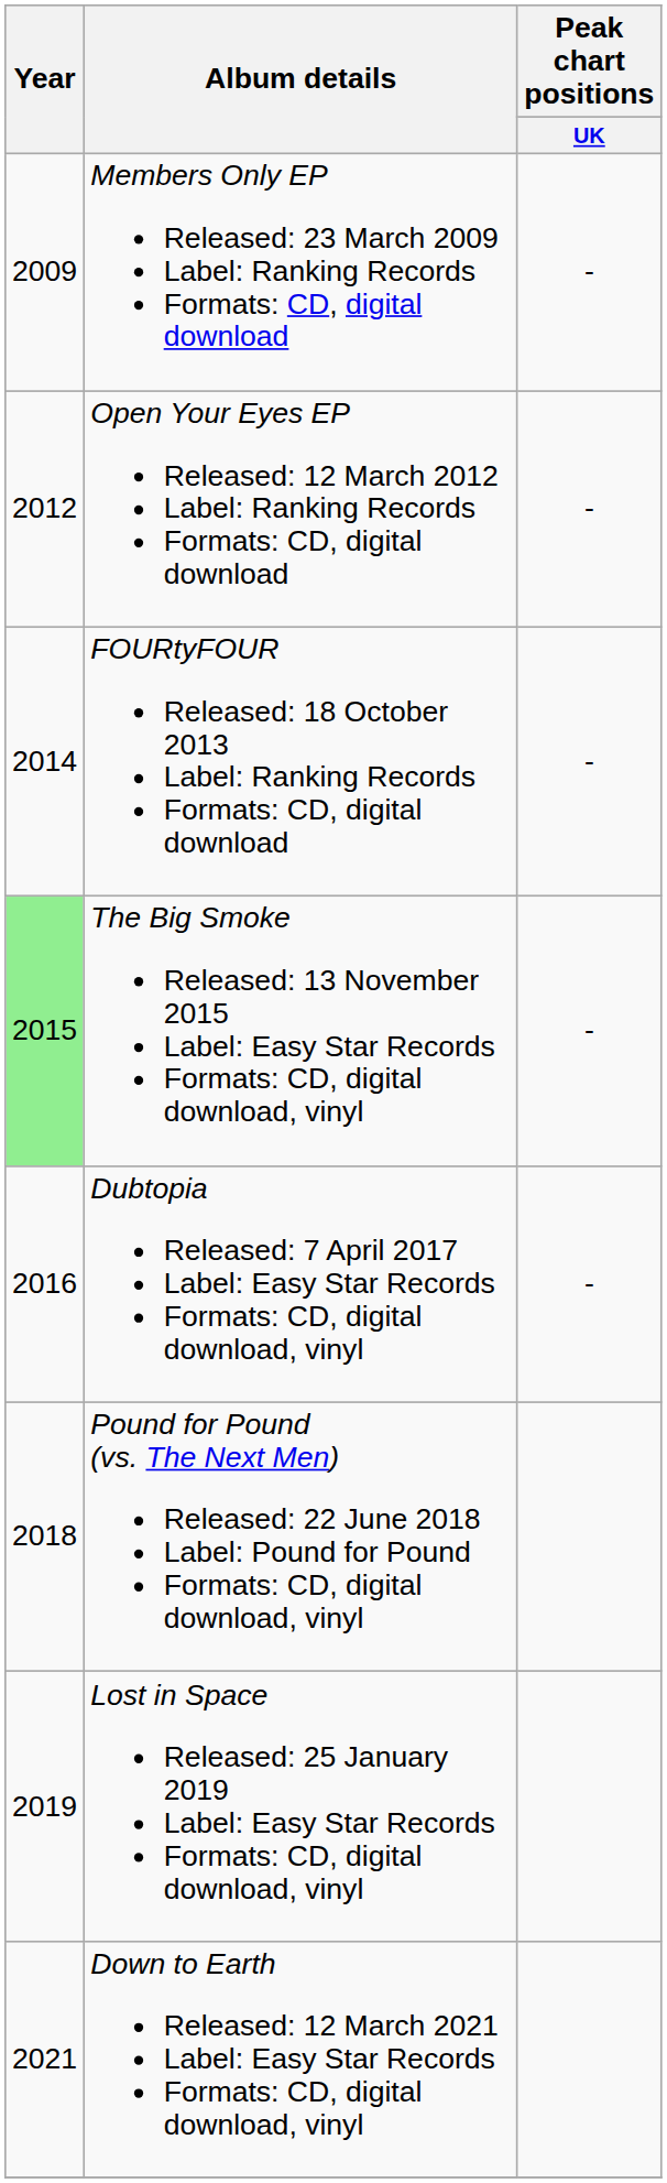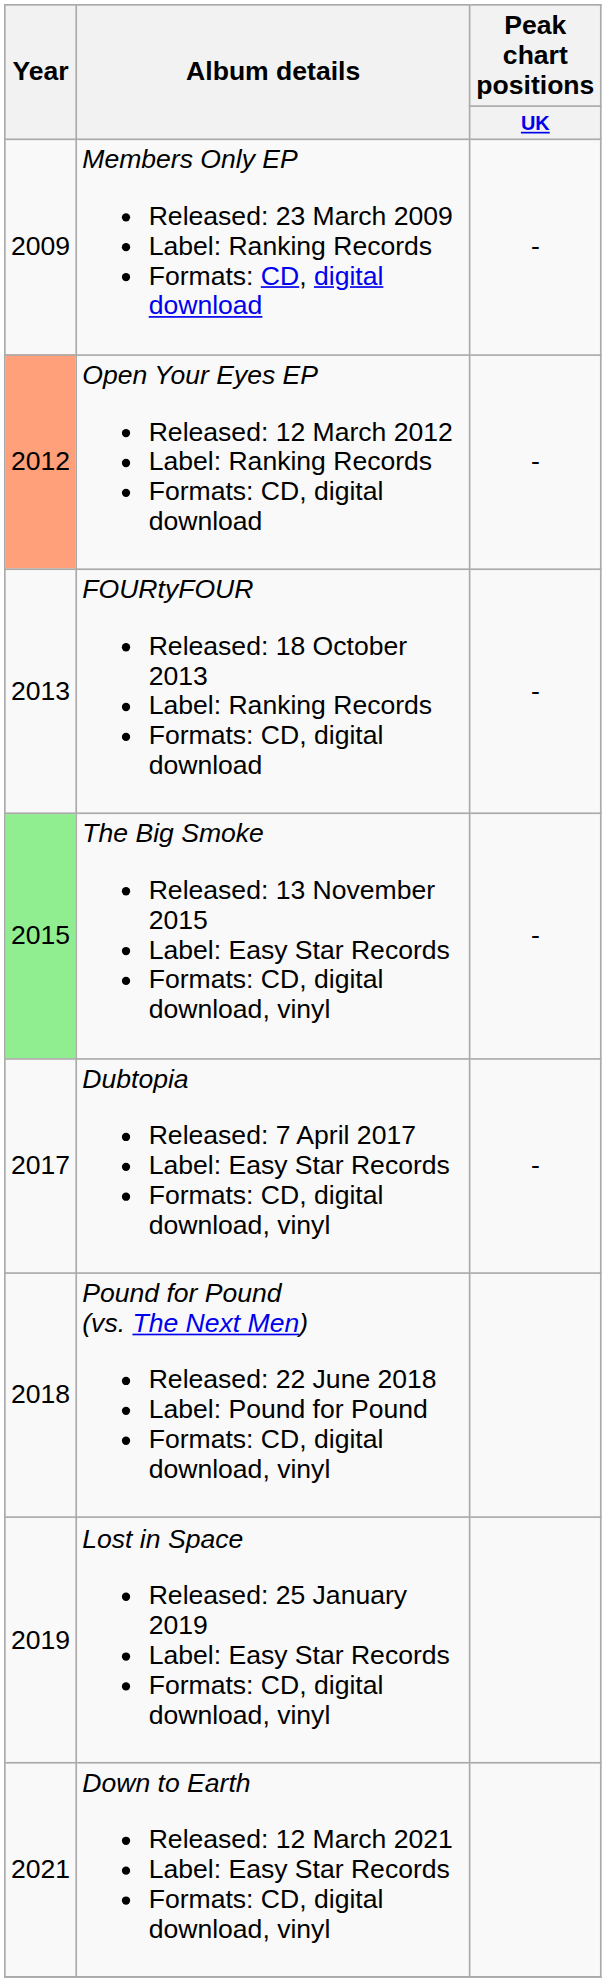 <table class="wikitable" style="text-align:center;">
 <tr>
 <th rowspan="2">Year</th>
 <th rowspan="2" width="230">Album details</th>
 <th colspan="1">Peak chart positions</th>
 </tr>
 <tr>
 <th style="width:4em;font-size:75%;"><a href='#'>UK</a></th>
 </tr>
 <tr>
 <td>2009</td>
 <td align="left"><em>Members Only EP</em><br><ul><li>Released: 23 March 2009</li><li>Label: Ranking Records</li><li>Formats: <a href='#'>CD</a>, <a href='#'>digital download</a></li></ul></td>
 <td>-</td>
 </tr>
 <tr>
-<td>2012</td>
+<td style="background: lightsalmon;">2012</td>
 <td align="left"><em>Open Your Eyes EP</em><br><ul><li>Released: 12 March 2012</li><li>Label: Ranking Records</li><li>Formats: CD, digital download</li></ul></td>
 <td>-</td>
 </tr>
 <tr>
-<td>2014</td>
+<td>2013</td>
 <td align="left"><em>FOURtyFOUR</em><br><ul><li>Released: 18 October 2013</li><li>Label: Ranking Records</li><li>Formats: CD, digital download</li></ul></td>
 <td>-</td>
 </tr>
 <tr>
 <td style="background: lightgreen;">2015</td>
 <td align="left"><em>The Big Smoke</em><br><ul><li>Released: 13 November 2015</li><li>Label: Easy Star Records</li><li>Formats: CD, digital download, vinyl</li></ul></td>
 <td>-</td>
 </tr>
 <tr>
-<td>2016</td>
+<td>2017</td>
 <td align="left"><em>Dubtopia</em><br><ul><li>Released: 7 April 2017</li><li>Label: Easy Star Records</li><li>Formats: CD, digital download, vinyl</li></ul></td>
 <td>-</td>
 </tr>
 <tr>
 <td>2018</td>
 <td align="left"><em>Pound for Pound</em><br><em>(vs. <a href='#'>The Next Men</a>)</em><ul><li>Released: 22 June 2018 </li><li>Label: Pound for Pound</li><li>Formats: CD, digital download, vinyl</li></ul></td>
 <td></td>
 </tr>
 <tr>
 <td>2019</td>
 <td align="left"><em>Lost in Space</em><br><ul><li>Released:  25 January 2019 </li><li>Label: Easy Star Records</li><li>Formats: CD, digital download, vinyl</li></ul></td>
 <td></td>
 </tr>
 <tr>
 <td>2021</td>
 <td align="left"><em>Down to Earth</em><br><ul><li>Released:  12 March 2021</li><li>Label: Easy Star Records</li><li>Formats: CD, digital download, vinyl</li></ul></td>
 <td></td>
 </tr>
 <tr>
 </tr>
 </table>
